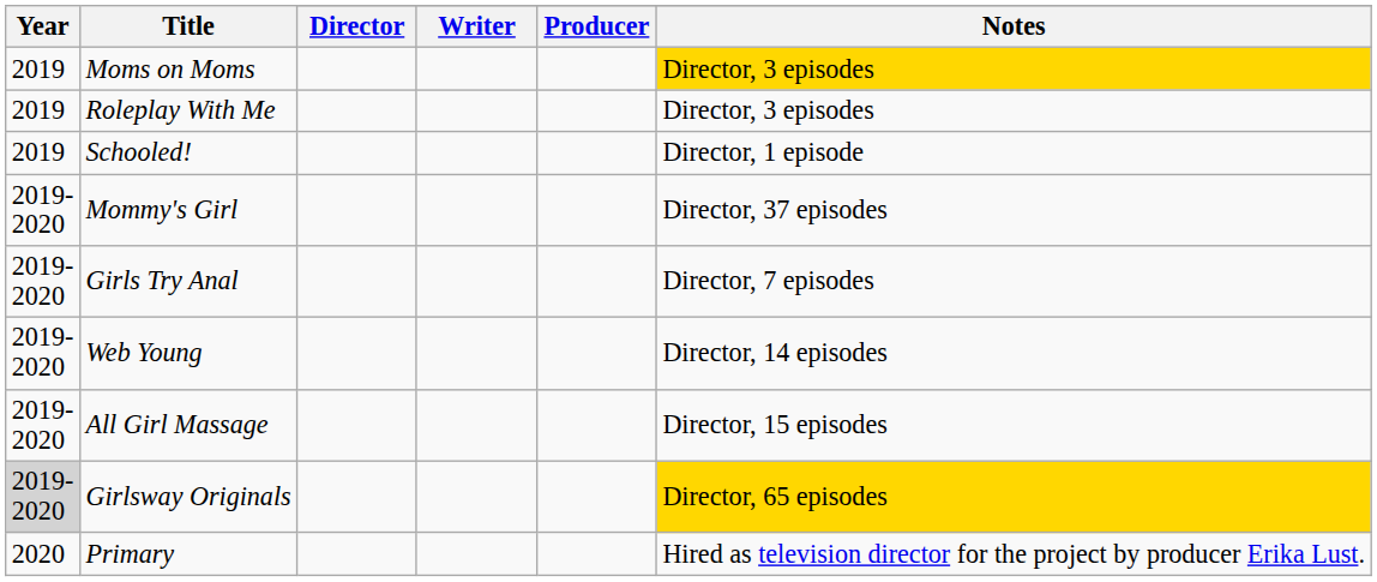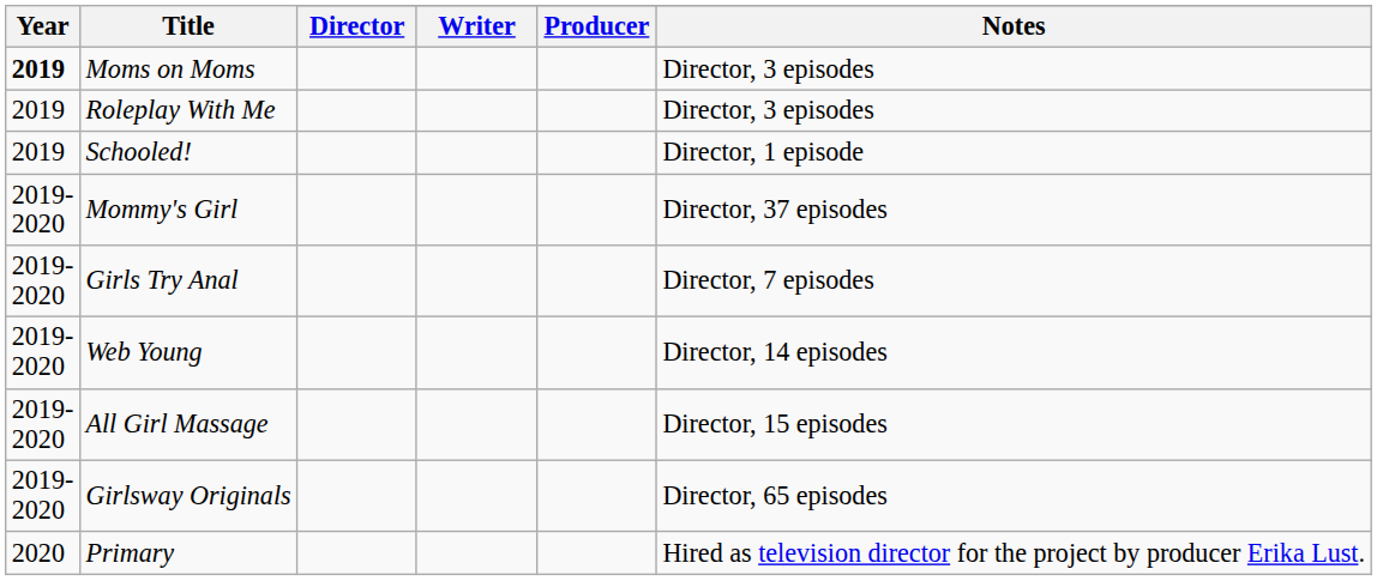 <table class="wikitable">
 <tr>
 <th rowspan="2" style="width:33px;">Year</th>
 <th rowspan="2">Title</th>
 </tr>
 <tr>
 <th width=65><a href='#'>Director</a></th>
 <th width=65><a href='#'>Writer</a></th>
 <th width=65><a href='#'>Producer</a></th>
 <th scope="col">Notes</th>
 </tr>
 <tr>
-<td>2019</td>
+<td><strong>2019</strong></td>
 <td><em>Moms on Moms</em></td>
 <td></td>
 <td></td>
 <td></td>
-<td style="background: gold;">Director, 3 episodes</td>
+<td>Director, 3 episodes</td>
 </tr>
 <tr>
 <td>2019</td>
 <td><em>Roleplay With Me</em></td>
 <td></td>
 <td></td>
 <td></td>
 <td>Director, 3 episodes</td>
 </tr>
 <tr>
 <td>2019</td>
 <td><em>Schooled!</em></td>
 <td></td>
 <td></td>
 <td></td>
 <td>Director, 1 episode</td>
 </tr>
 <tr>
 <td>2019-2020</td>
 <td><em>Mommy's Girl</em></td>
 <td></td>
 <td></td>
 <td></td>
 <td>Director, 37 episodes</td>
 </tr>
 <tr>
 <td>2019-2020</td>
 <td><em>Girls Try Anal</em></td>
 <td></td>
 <td></td>
 <td></td>
 <td>Director, 7 episodes</td>
 </tr>
 <tr>
 <td>2019-2020</td>
 <td><em>Web Young</em></td>
 <td></td>
 <td></td>
 <td></td>
 <td>Director, 14 episodes</td>
 </tr>
 <tr>
 <td>2019-2020</td>
 <td><em>All Girl Massage</em></td>
 <td></td>
 <td></td>
 <td></td>
 <td>Director, 15 episodes</td>
 </tr>
 <tr>
-<td style="background: lightgrey;">2019-2020</td>
+<td>2019-2020</td>
 <td><em>Girlsway Originals</em></td>
 <td></td>
 <td></td>
 <td></td>
-<td style="background: gold;">Director, 65 episodes</td>
+<td>Director, 65 episodes</td>
 </tr>
 <tr>
 <td>2020</td>
 <td><em>Primary</em></td>
 <td></td>
 <td></td>
 <td></td>
 <td>Hired as <a href='#'>television director</a> for the project by producer <a href='#'>Erika Lust</a>.</td>
 </tr>
 </table>
